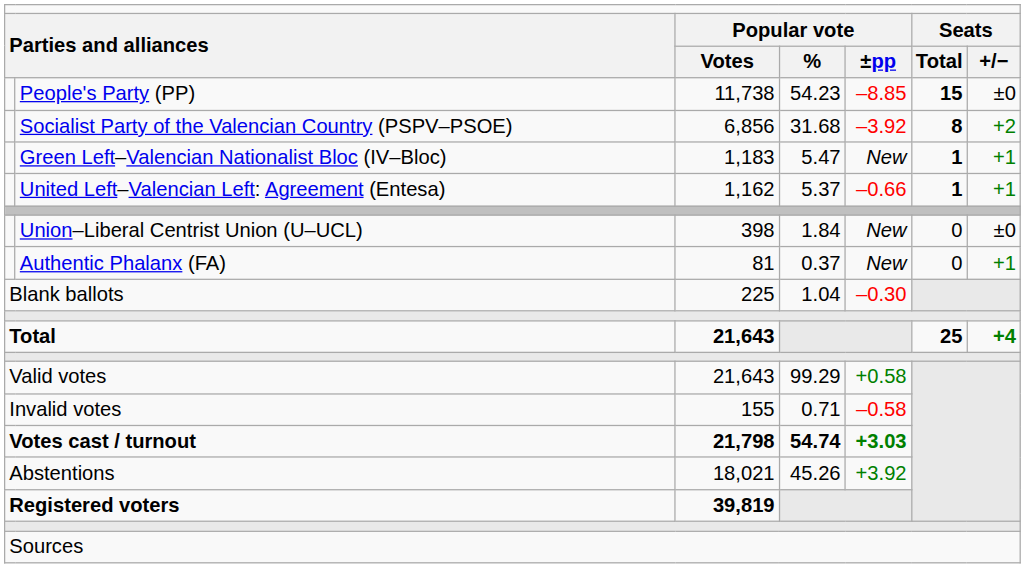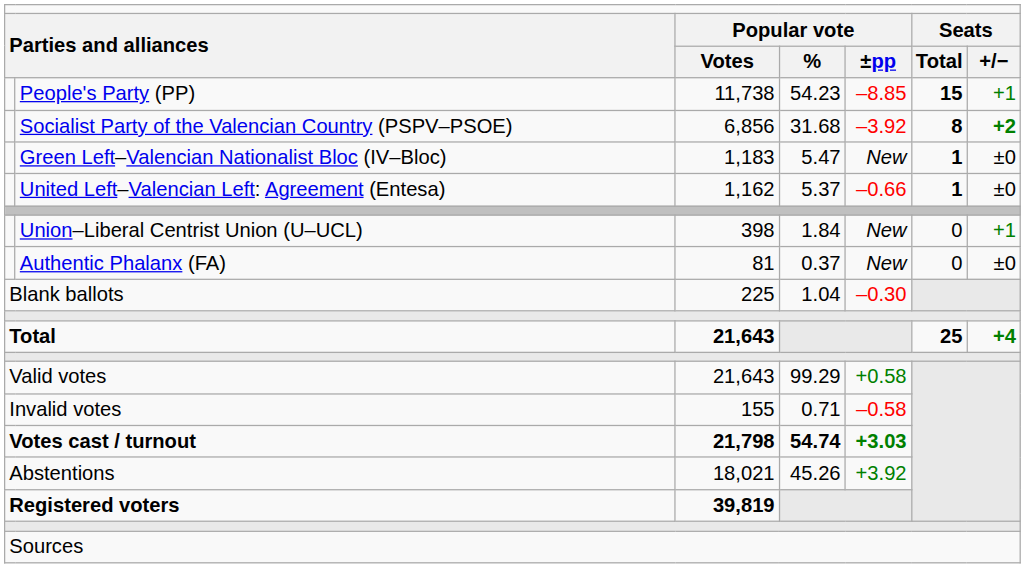 <table class="wikitable" style="text-align:right;">
 <tr>
 <td colspan="7"></td>
 </tr>
 <tr>
 <th style="text-align:left;" rowspan="2" colspan="2" width="525">Parties and alliances</th>
 <th colspan="3">Popular vote</th>
 <th colspan="2">Seats</th>
 </tr>
 <tr>
 <th width="75">Votes</th>
 <th width="45">%</th>
 <th width="45">±<a href='#'>pp</a></th>
 <th width="35">Total</th>
 <th width="35">+/−</th>
 </tr>
 <tr>
 <td width="1" style="color:inherit;background:"></td>
 <td align="left"><a href='#'>People's Party</a> (PP)</td>
 <td>11,738</td>
 <td>54.23</td>
 <td style="color:red;">–8.85</td>
 <td><strong>15</strong></td>
-<td>±0</td>
+<td style="color:green;">+1</td>
 </tr>
 <tr>
 <td style="color:inherit;background:"></td>
 <td align="left"><a href='#'>Socialist Party of the Valencian Country</a> (PSPV–PSOE)</td>
 <td>6,856</td>
 <td>31.68</td>
 <td style="color:red;">–3.92</td>
 <td><strong>8</strong></td>
-<td style="color:green;">+2</td>
+<td style="color:green;"><strong>+2</strong></td>
 </tr>
 <tr>
 <td style="color:inherit;background:"></td>
 <td align="left"><a href='#'>Green Left</a>–<a href='#'>Valencian Nationalist Bloc</a> (IV–Bloc)</td>
 <td>1,183</td>
 <td>5.47</td>
 <td><em>New</em></td>
 <td><strong>1</strong></td>
-<td style="color:green;">+1</td>
+<td>±0</td>
 </tr>
 <tr>
 <td style="color:inherit;background:"></td>
 <td align="left"><a href='#'>United Left</a>–<a href='#'>Valencian Left</a>: <a href='#'>Agreement</a> (Entesa)</td>
 <td>1,162</td>
 <td>5.37</td>
 <td style="color:red;">–0.66</td>
 <td><strong>1</strong></td>
-<td style="color:green;">+1</td>
+<td>±0</td>
 </tr>
 <tr>
 <td colspan="7" bgcolor="#C0C0C0"></td>
 </tr>
 <tr>
 <td style="color:inherit;background:"></td>
 <td align="left"><a href='#'>Union</a>–Liberal Centrist Union (U–UCL)</td>
 <td>398</td>
 <td>1.84</td>
 <td><em>New</em></td>
 <td>0</td>
-<td>±0</td>
+<td style="color:green;">+1</td>
 </tr>
 <tr>
 <td style="color:inherit;background:"></td>
 <td align="left"><a href='#'>Authentic Phalanx</a> (FA)</td>
 <td>81</td>
 <td>0.37</td>
 <td><em>New</em></td>
 <td>0</td>
-<td style="color:green;">+1</td>
+<td>±0</td>
 </tr>
 <tr>
 <td align="left" colspan="2">Blank ballots</td>
 <td>225</td>
 <td>1.04</td>
 <td style="color:red;">–0.30</td>
 <td bgcolor="#E9E9E9" colspan="2"></td>
 </tr>
 <tr>
 <td colspan="7" bgcolor="#E9E9E9"></td>
 </tr>
 <tr style="font-weight:bold;">
 <td align="left" colspan="2">Total</td>
 <td>21,643</td>
 <td bgcolor="#E9E9E9" colspan="2"></td>
 <td>25</td>
 <td style="color:green;">+4</td>
 </tr>
 <tr>
 <td colspan="7" bgcolor="#E9E9E9"></td>
 </tr>
 <tr>
 <td align="left" colspan="2">Valid votes</td>
 <td>21,643</td>
 <td>99.29</td>
 <td style="color:green;">+0.58</td>
 <td bgcolor="#E9E9E9" colspan="2" rowspan="5"></td>
 </tr>
 <tr>
 <td align="left" colspan="2">Invalid votes</td>
 <td>155</td>
 <td>0.71</td>
 <td style="color:red;">–0.58</td>
 </tr>
 <tr style="font-weight:bold;">
 <td align="left" colspan="2">Votes cast / turnout</td>
 <td>21,798</td>
 <td>54.74</td>
 <td style="color:green;">+3.03</td>
 </tr>
 <tr>
 <td align="left" colspan="2">Abstentions</td>
 <td>18,021</td>
 <td>45.26</td>
 <td style="color:green;">+3.92</td>
 </tr>
 <tr style="font-weight:bold;">
 <td align="left" colspan="2">Registered voters</td>
 <td>39,819</td>
 <td bgcolor="#E9E9E9" colspan="2"></td>
 </tr>
 <tr>
 <td colspan="7" bgcolor="#E9E9E9"></td>
 </tr>
 <tr>
 <td align="left" colspan="7">Sources</td>
 </tr>
 </table>
